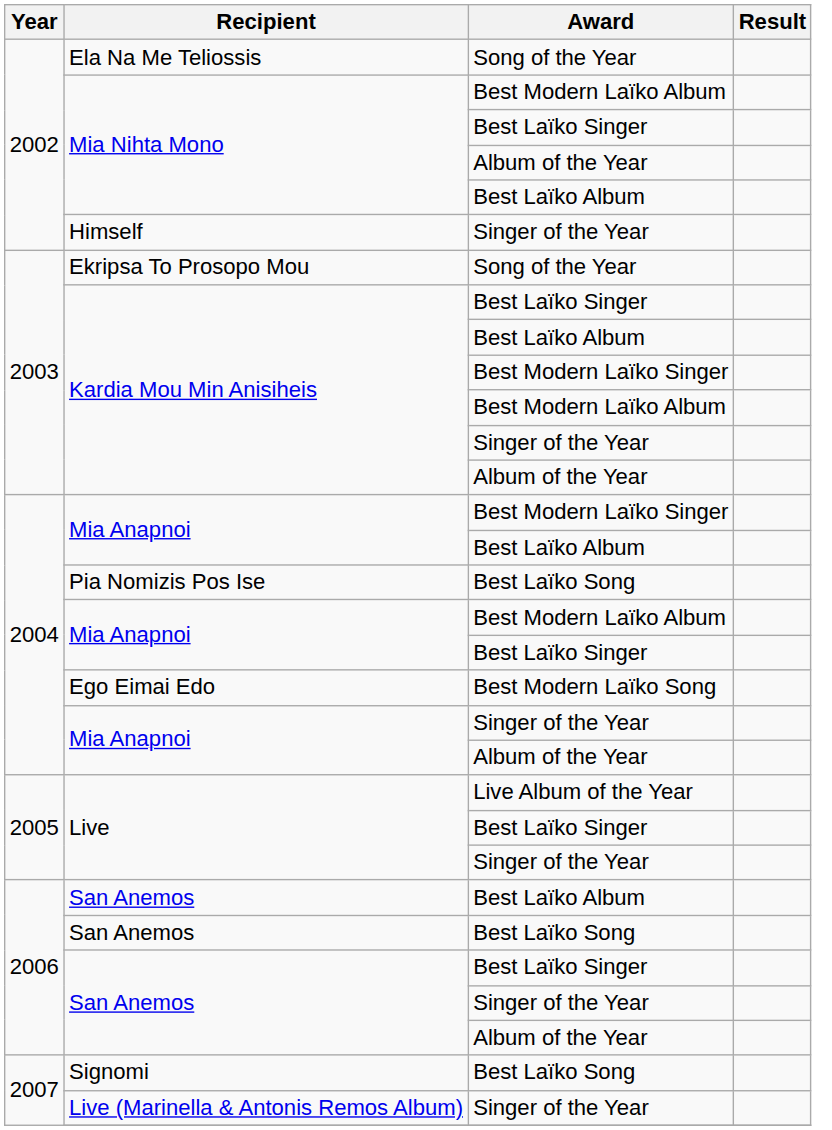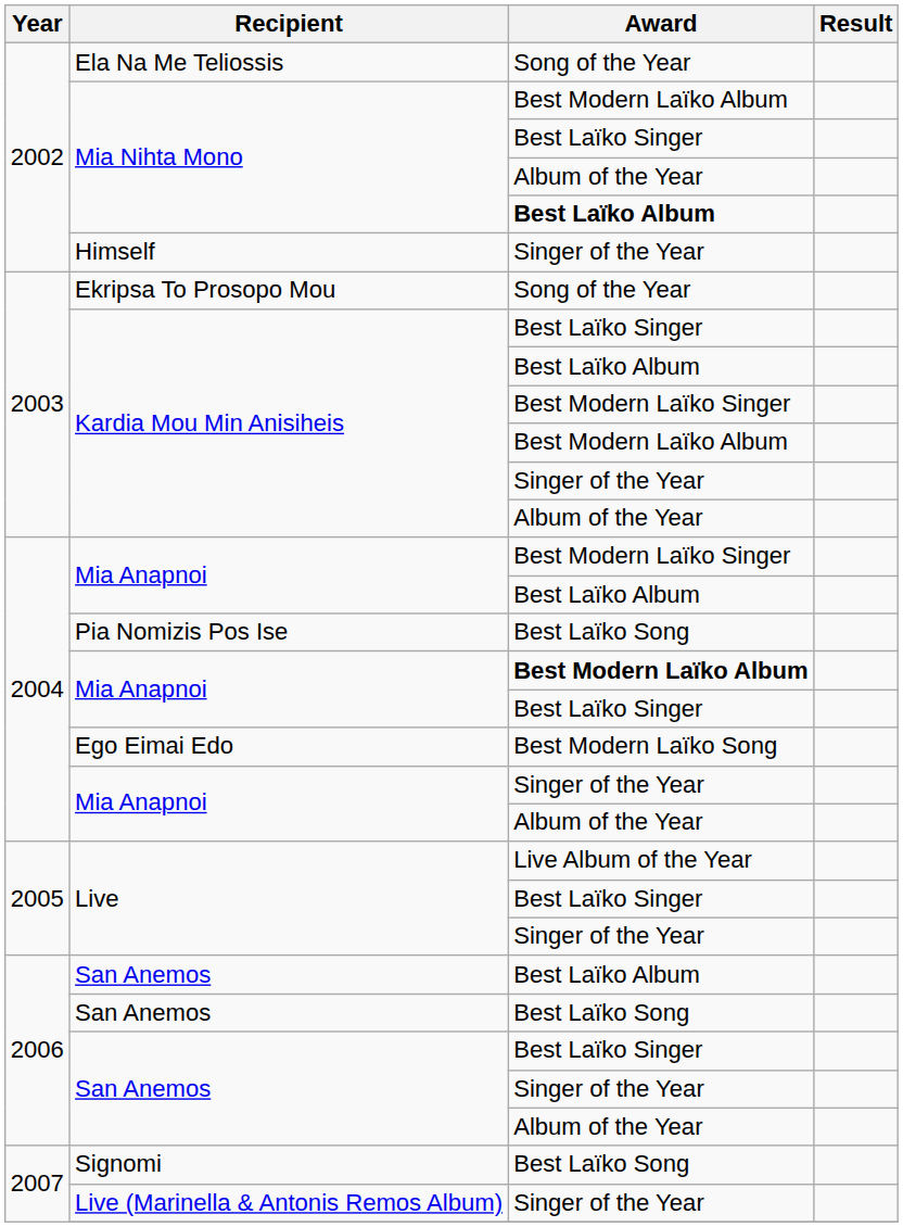 <table class="wikitable">
 <tr>
 <th>Year</th>
 <th>Recipient</th>
 <th>Award</th>
 <th>Result</th>
 </tr>
 <tr>
 <td rowspan="6">2002</td>
 <td>Ela Na Me Teliossis</td>
 <td>Song of the Year</td>
 <td></td>
 </tr>
 <tr>
 <td rowspan="4"><a href='#'>Mia Nihta Mono</a></td>
 <td>Best Modern Laïko Album</td>
 <td></td>
 </tr>
 <tr>
 <td>Best Laïko Singer</td>
 <td></td>
 </tr>
 <tr>
 <td>Album of the Year</td>
 <td></td>
 </tr>
 <tr>
-<td>Best Laïko Album</td>
+<td><strong>Best Laïko Album</strong></td>
 <td></td>
 </tr>
 <tr>
 <td>Himself</td>
 <td>Singer of the Year</td>
 <td></td>
 </tr>
 <tr>
 <td rowspan="7">2003</td>
 <td>Ekripsa To Prosopo Mou</td>
 <td>Song of the Year</td>
 <td></td>
 </tr>
 <tr>
 <td rowspan="6"><a href='#'>Kardia Mou Min Anisiheis</a></td>
 <td>Best Laïko Singer</td>
 <td></td>
 </tr>
 <tr>
 <td>Best Laïko Album</td>
 <td></td>
 </tr>
 <tr>
 <td>Best Modern Laïko Singer</td>
 <td></td>
 </tr>
 <tr>
 <td>Best Modern Laïko Album</td>
 <td></td>
 </tr>
 <tr>
 <td>Singer of the Year</td>
 <td></td>
 </tr>
 <tr>
 <td>Album of the Year</td>
 <td></td>
 </tr>
 <tr>
 <td rowspan="8">2004</td>
 <td rowspan="2"><a href='#'>Mia Anapnoi</a></td>
 <td>Best Modern Laïko Singer</td>
 <td></td>
 </tr>
 <tr>
 <td>Best Laïko Album</td>
 <td></td>
 </tr>
 <tr>
 <td>Pia Nomizis Pos Ise</td>
 <td>Best Laïko Song</td>
 <td></td>
 </tr>
 <tr>
 <td rowspan="2"><a href='#'>Mia Anapnoi</a></td>
-<td>Best Modern Laïko Album</td>
+<td><strong>Best Modern Laïko Album</strong></td>
 <td></td>
 </tr>
 <tr>
 <td>Best Laïko Singer</td>
 <td></td>
 </tr>
 <tr>
 <td>Ego Eimai Edo</td>
 <td>Best Modern Laïko Song</td>
 <td></td>
 </tr>
 <tr>
 <td rowspan="2"><a href='#'>Mia Anapnoi</a></td>
 <td>Singer of the Year</td>
 <td></td>
 </tr>
 <tr>
 <td>Album of the Year</td>
 <td></td>
 </tr>
 <tr>
 <td rowspan="3">2005</td>
 <td rowspan="3">Live</td>
 <td>Live Album of the Year</td>
 <td></td>
 </tr>
 <tr>
 <td>Best Laïko Singer</td>
 <td></td>
 </tr>
 <tr>
 <td>Singer of the Year</td>
 <td></td>
 </tr>
 <tr>
 <td rowspan="5">2006</td>
 <td><a href='#'>San Anemos</a></td>
 <td>Best Laïko Album</td>
 <td></td>
 </tr>
 <tr>
 <td>San Anemos</td>
 <td>Best Laïko Song</td>
 <td></td>
 </tr>
 <tr>
 <td rowspan="3"><a href='#'>San Anemos</a></td>
 <td>Best Laïko Singer</td>
 <td></td>
 </tr>
 <tr>
 <td>Singer of the Year</td>
 <td></td>
 </tr>
 <tr>
 <td>Album of the Year</td>
 <td></td>
 </tr>
 <tr>
 <td rowspan="7">2007</td>
 <td>Signomi</td>
 <td>Best Laïko Song</td>
 <td></td>
 </tr>
 <tr>
 <td><a href='#'>Live (Marinella & Antonis Remos Album)</a></td>
 <td>Singer of the Year</td>
 <td></td>
 </tr>
 <tr>
 </tr>
 </table>
